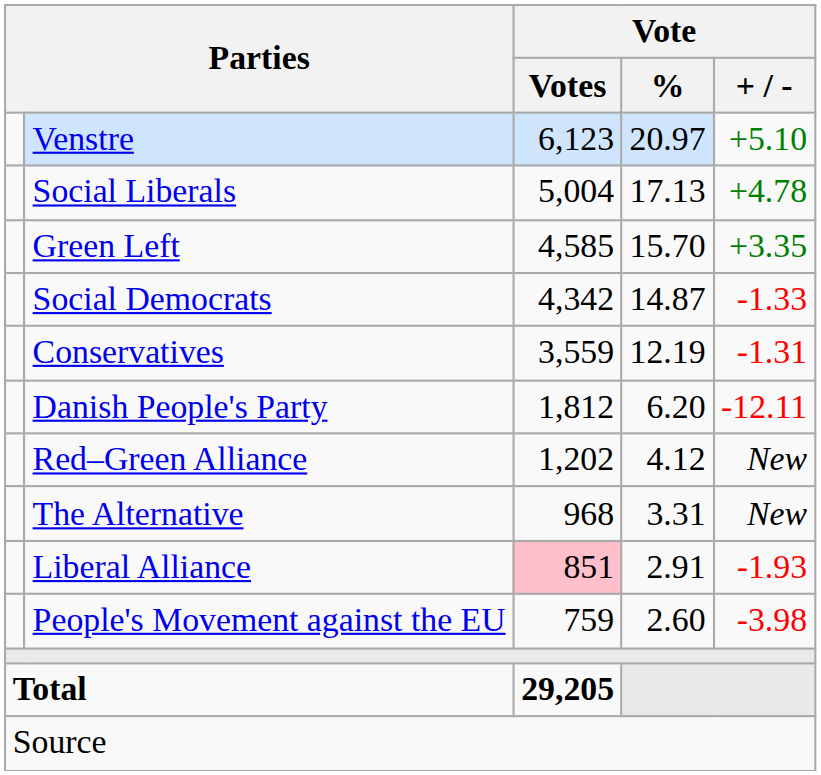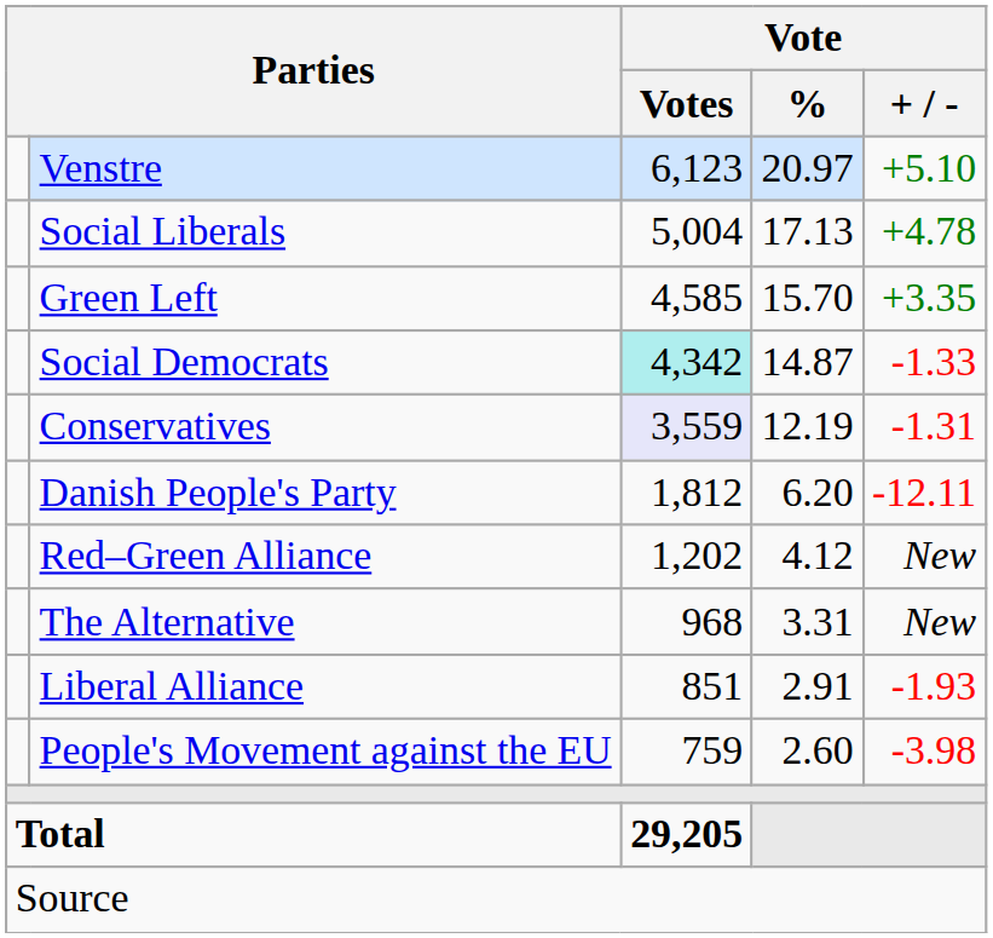 <table class="wikitable" style="text-align:right;">
 <tr>
 <th style="text-align:centre;" rowspan="2" colspan="2" width="225">Parties</th>
 <th colspan="3">Vote</th>
 </tr>
 <tr>
 <th width="15">Votes</th>
 <th width="15">%</th>
 <th width="15">+ / -</th>
 </tr>
 <tr>
 <td width="2" style="color:inherit;background:"></td>
 <td bgcolor=#cfe5fe   align="left"><a href='#'>Venstre</a></td>
 <td bgcolor=#cfe5fe>6,123</td>
 <td bgcolor=#cfe5fe>20.97</td>
 <td style=color:green;>+5.10</td>
 </tr>
 <tr>
 <td width="2" style="color:inherit;background:"></td>
 <td align="left"><a href='#'>Social Liberals</a></td>
 <td>5,004</td>
 <td>17.13</td>
 <td style=color:green;>+4.78</td>
 </tr>
 <tr>
 <td width="2" style="color:inherit;background:"></td>
 <td align="left"><a href='#'>Green Left</a></td>
 <td>4,585</td>
 <td>15.70</td>
 <td style=color:green;>+3.35</td>
 </tr>
 <tr>
 <td width="2" style="color:inherit;background:"></td>
 <td align="left"><a href='#'>Social Democrats</a></td>
-<td>4,342</td>
+<td style="background: paleturquoise;">4,342</td>
 <td>14.87</td>
 <td style=color:red;>-1.33</td>
 </tr>
 <tr>
 <td width="2" style="color:inherit;background:"></td>
 <td align="left"><a href='#'>Conservatives</a></td>
-<td>3,559</td>
+<td style="background: lavender;">3,559</td>
 <td>12.19</td>
 <td style=color:red;>-1.31</td>
 </tr>
 <tr>
 <td width="2" style="color:inherit;background:"></td>
 <td align="left"><a href='#'>Danish People's Party</a></td>
 <td>1,812</td>
 <td>6.20</td>
 <td style=color:red;>-12.11</td>
 </tr>
 <tr>
 <td width="2" style="color:inherit;background:"></td>
 <td align="left"><a href='#'>Red–Green Alliance</a></td>
 <td>1,202</td>
 <td>4.12</td>
 <td><em>New</em></td>
 </tr>
 <tr>
 <td width="2" style="color:inherit;background:"></td>
 <td align="left"><a href='#'>The Alternative</a></td>
 <td>968</td>
 <td>3.31</td>
 <td><em>New</em></td>
 </tr>
 <tr>
 <td width="2" style="color:inherit;background:"></td>
 <td align="left"><a href='#'>Liberal Alliance</a></td>
-<td style="background: pink;">851</td>
+<td>851</td>
 <td>2.91</td>
 <td style=color:red;>-1.93</td>
 </tr>
 <tr>
 <td width="2" style="color:inherit;background:"></td>
 <td align="left"><a href='#'>People's Movement against the EU</a></td>
 <td>759</td>
 <td>2.60</td>
 <td style=color:red;>-3.98</td>
 </tr>
 <tr>
 <td colspan="7" bgcolor="#E9E9E9"></td>
 </tr>
 <tr>
 <td align="left" colspan="2"><strong>Total</strong></td>
 <td><strong>29,205</strong></td>
 <td bgcolor="#E9E9E9" colspan="2"></td>
 </tr>
 <tr>
 <td align="left" colspan="6">Source</td>
 </tr>
 </table>
